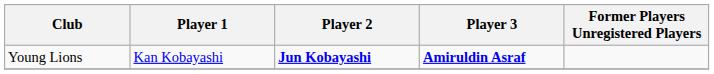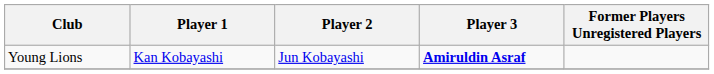 <table class="wikitable sortable" style="font-size:80%;">
 <tr>
 <th style="width:105px;">Club</th>
 <th style="width:122px;">Player 1</th>
 <th style="width:122px;">Player 2</th>
 <th style="width:122px;">Player 3</th>
 <th style="width:122px;">Former Players <br>  Unregistered Players</th>
 </tr>
 <tr>
 <td>Young Lions</td>
 <td> <a href='#'>Kan Kobayashi</a></td>
-<td><strong> <a href='#'>Jun Kobayashi</a></strong></td>
+<td> <a href='#'>Jun Kobayashi</a></td>
 <td> <strong><a href='#'>Amiruldin Asraf</a></strong></td>
 <td></td>
 </tr>
 <tr>
 </tr>
 </table>
